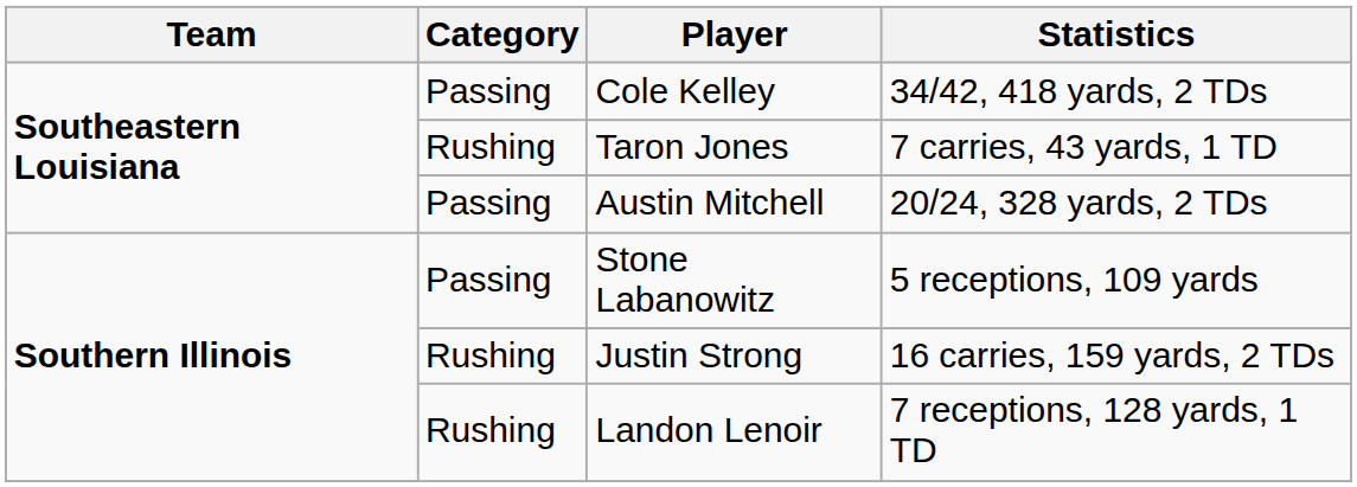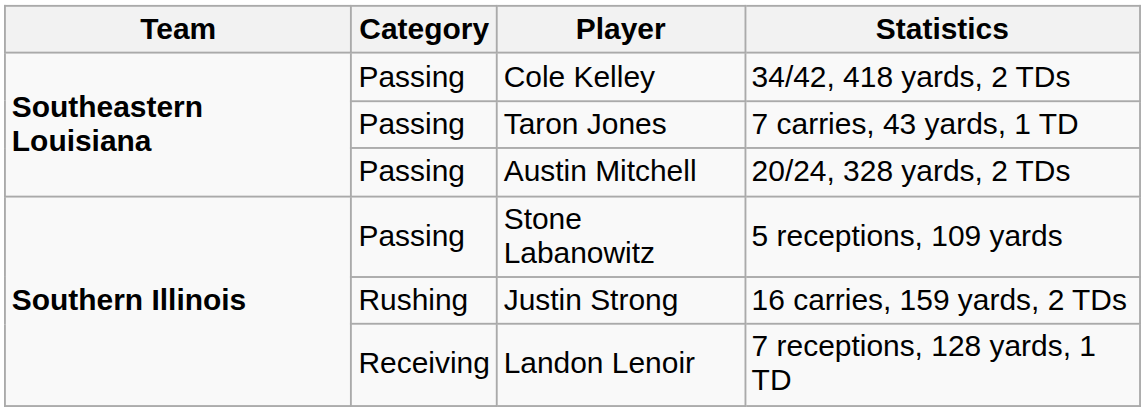 <table class="wikitable" style="float: left;">
 <tr>
 <th>Team</th>
 <th>Category</th>
 <th>Player</th>
 <th>Statistics</th>
 </tr>
 <tr>
 <td rowspan=3><strong>Southeastern Louisiana</strong></td>
 <td>Passing</td>
 <td>Cole Kelley</td>
 <td>34/42, 418 yards, 2 TDs</td>
 </tr>
 <tr>
-<td>Rushing</td>
+<td>Passing</td>
 <td>Taron Jones</td>
 <td>7 carries, 43 yards, 1 TD</td>
 </tr>
 <tr>
 <td>Passing</td>
 <td>Austin Mitchell</td>
 <td>20/24, 328 yards, 2 TDs</td>
 </tr>
 <tr>
 <td rowspan=3><strong>Southern Illinois</strong></td>
 <td>Passing</td>
 <td>Stone Labanowitz</td>
 <td>5 receptions, 109 yards</td>
 </tr>
 <tr>
 <td>Rushing</td>
 <td>Justin Strong</td>
 <td>16 carries, 159 yards, 2 TDs</td>
 </tr>
 <tr>
-<td>Rushing</td>
+<td>Receiving</td>
 <td>Landon Lenoir</td>
 <td>7 receptions, 128 yards, 1 TD</td>
 </tr>
 </table>
